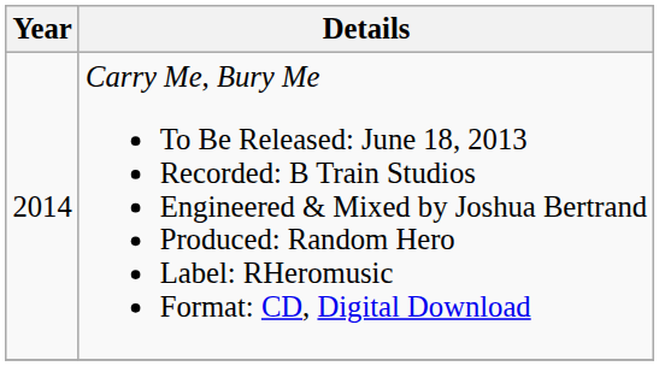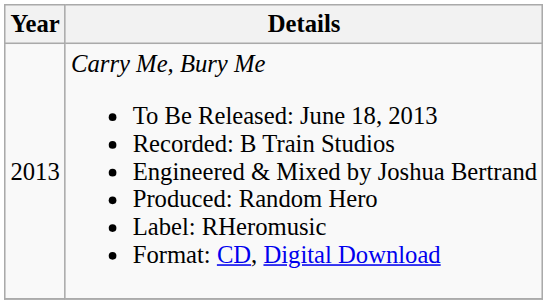 <table class="wikitable" border="1">
 <tr>
 <th>Year</th>
 <th>Details</th>
 </tr>
 <tr>
-<td>2014</td>
+<td>2013</td>
 <td><em>Carry Me, Bury Me</em><br><ul><li>To Be Released: June 18, 2013</li><li>Recorded:  B Train Studios</li><li>Engineered & Mixed by Joshua Bertrand</li><li>Produced:  Random Hero</li><li>Label: RHeromusic</li><li>Format: <a href='#'>CD</a>, <a href='#'>Digital Download</a></li></ul></td>
 </tr>
 <tr>
 </tr>
 </table>
